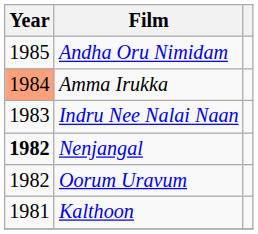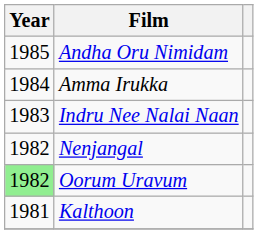 <table class="wikitable sortable">
 <tr>
 <th>Year</th>
 <th>Film</th>
 <th></th>
 </tr>
 <tr>
 <td>1985</td>
 <td><em><a href='#'>Andha Oru Nimidam</a></em></td>
 <td></td>
 </tr>
 <tr>
-<td style="background: lightsalmon;">1984</td>
+<td>1984</td>
 <td><em>Amma Irukka</em></td>
 <td></td>
 </tr>
 <tr>
 <td>1983</td>
 <td><em><a href='#'>Indru Nee Nalai Naan</a></em></td>
 <td></td>
 </tr>
 <tr>
-<td><strong>1982</strong></td>
+<td>1982</td>
 <td><em><a href='#'>Nenjangal</a></em></td>
 <td></td>
 </tr>
 <tr>
-<td>1982</td>
+<td style="background: lightgreen;">1982</td>
 <td><em><a href='#'>Oorum Uravum</a></em></td>
 <td></td>
 </tr>
 <tr>
 <td>1981</td>
 <td><em><a href='#'>Kalthoon</a></em></td>
 <td></td>
 </tr>
 <tr>
 </tr>
 </table>
